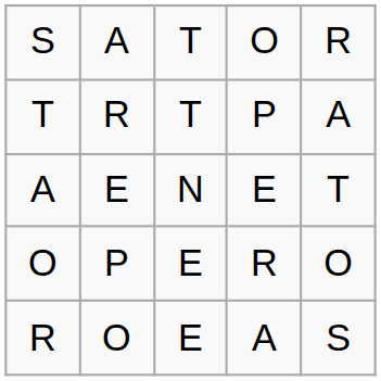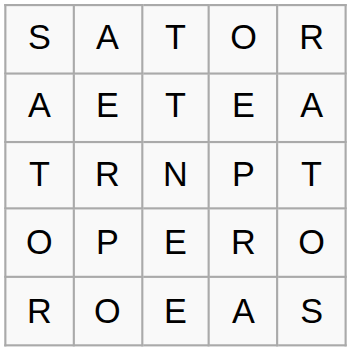 <table class="wikitable" style="margin-left:auto;margin-right:auto;text-align:center;width:10em;height:10em;table-layout:fixed;">
 <tr>
 <td>S</td>
 <td>A</td>
 <td>T</td>
 <td>O</td>
 <td>R</td>
 </tr>
 <tr>
+<td>A</td>
+<td>E</td>
 <td>T</td>
-<td>R</td>
-<td>T</td>
-<td>P</td>
+<td>E</td>
 <td>A</td>
 </tr>
 <tr>
-<td>A</td>
-<td>E</td>
+<td>T</td>
+<td>R</td>
 <td>N</td>
-<td>E</td>
+<td>P</td>
 <td>T</td>
 </tr>
 <tr>
 <td>O</td>
 <td>P</td>
 <td>E</td>
 <td>R</td>
 <td>O</td>
 </tr>
 <tr>
 <td>R</td>
 <td>O</td>
 <td>E</td>
 <td>A</td>
 <td>S</td>
 </tr>
 </table>
